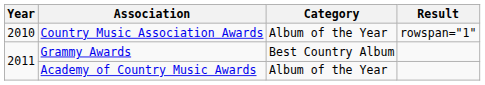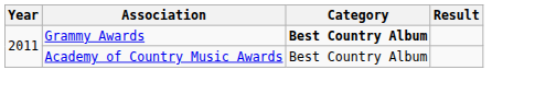 <table class="wikitable plainrowheaders">
 <tr>
 <th>Year</th>
 <th>Association</th>
 <th>Category</th>
 <th>Result</th>
 </tr>
 <tr>
-<td rowspan="1">2010</td>
-<td rowspan="1"><a href='#'>Country Music Association Awards</a></td>
-<td>Album of the Year</td>
-<td>rowspan="1" </td>
-</tr>
-<tr>
 <td rowspan=2>2011</td>
 <td><a href='#'>Grammy Awards</a></td>
-<td>Best Country Album</td>
+<td><strong>Best Country Album</strong></td>
 <td></td>
 </tr>
 <tr>
 <td><a href='#'>Academy of Country Music Awards</a></td>
-<td>Album of the Year</td>
+<td>Best Country Album</td>
 <td></td>
 </tr>
 </table>
